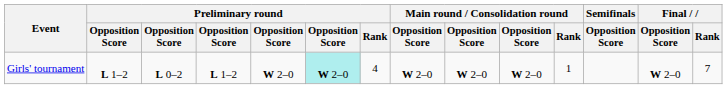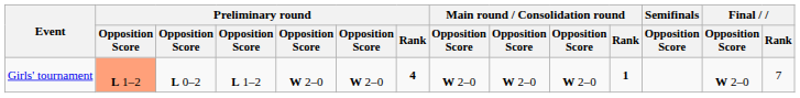 <table class="wikitable" style="text-align:center;font-size:90%">
 <tr>
 <th rowspan=2>Event</th>
 <th colspan=6>Preliminary round</th>
 <th colspan=4>Main round / Consolidation round</th>
 <th>Semifinals</th>
 <th colspan=2>Final /  / </th>
 </tr>
 <tr style="font-size:95%">
 <th>Opposition<br>Score</th>
 <th>Opposition<br>Score</th>
 <th>Opposition<br>Score</th>
 <th>Opposition<br>Score</th>
 <th>Opposition<br>Score</th>
 <th>Rank</th>
 <th>Opposition<br>Score</th>
 <th>Opposition<br>Score</th>
 <th>Opposition<br>Score</th>
 <th>Rank</th>
 <th>Opposition<br>Score</th>
 <th>Opposition<br>Score</th>
 <th>Rank</th>
 </tr>
 <tr>
 <td align=left><a href='#'>Girls' tournament</a></td>
-<td><br><strong>L</strong> 1–2</td>
+<td style="background: lightsalmon;"><br><strong>L</strong> 1–2</td>
 <td><br><strong>L</strong> 0–2</td>
 <td><br><strong>L</strong> 1–2</td>
 <td><br><strong>W</strong> 2–0</td>
-<td style="background: paleturquoise;"><br><strong>W</strong> 2–0</td>
-<td>4</td>
+<td><br><strong>W</strong> 2–0</td>
+<td><strong>4</strong></td>
 <td><br><strong>W</strong> 2–0</td>
 <td><br><strong>W</strong> 2–0</td>
 <td><br><strong>W</strong> 2–0</td>
-<td>1</td>
+<td><strong>1</strong></td>
 <td></td>
 <td><br><strong>W</strong> 2–0</td>
 <td>7</td>
 </tr>
 </table>
